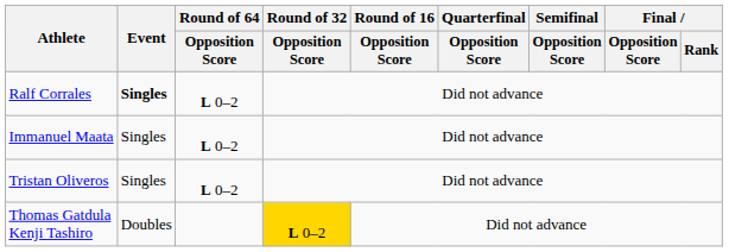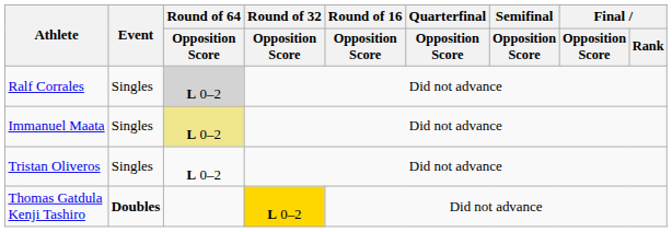 <table class="wikitable" style="font-size:90%; text-align:center">
 <tr>
 <th rowspan=2>Athlete</th>
 <th rowspan=2>Event</th>
 <th>Round of 64</th>
 <th>Round of 32</th>
 <th>Round of 16</th>
 <th>Quarterfinal</th>
 <th>Semifinal</th>
 <th colspan=2>Final / </th>
 </tr>
 <tr style="font-size:95%">
 <th>Opposition<br>Score</th>
 <th>Opposition<br>Score</th>
 <th>Opposition<br>Score</th>
 <th>Opposition<br>Score</th>
 <th>Opposition<br>Score</th>
 <th>Opposition<br>Score</th>
 <th>Rank</th>
 </tr>
 <tr>
 <td align="left"><a href='#'>Ralf Corrales</a></td>
-<td align="left"><strong>Singles</strong></td>
-<td><br><strong>L</strong> 0–2</td>
+<td align="left">Singles</td>
+<td style="background: lightgrey;"><br><strong>L</strong> 0–2</td>
 <td colspan=6>Did not advance</td>
 </tr>
 <tr>
 <td align="left"><a href='#'>Immanuel Maata</a></td>
 <td align="left">Singles</td>
-<td><br><strong>L</strong> 0–2</td>
+<td style="background: khaki;"><br><strong>L</strong> 0–2</td>
 <td colspan=6>Did not advance</td>
 </tr>
 <tr>
 <td align="left"><a href='#'>Tristan Oliveros</a></td>
 <td align="left">Singles</td>
 <td><br><strong>L</strong> 0–2</td>
 <td colspan=6>Did not advance</td>
 </tr>
 <tr>
 <td align="left"><a href='#'>Thomas Gatdula</a> <br><a href='#'>Kenji Tashiro</a></td>
-<td align="left">Doubles</td>
+<td align="left"><strong>Doubles</strong></td>
 <td></td>
 <td style="background: gold;"><br><strong>L</strong> 0–2</td>
 <td colspan=5>Did not advance</td>
 </tr>
 </table>
